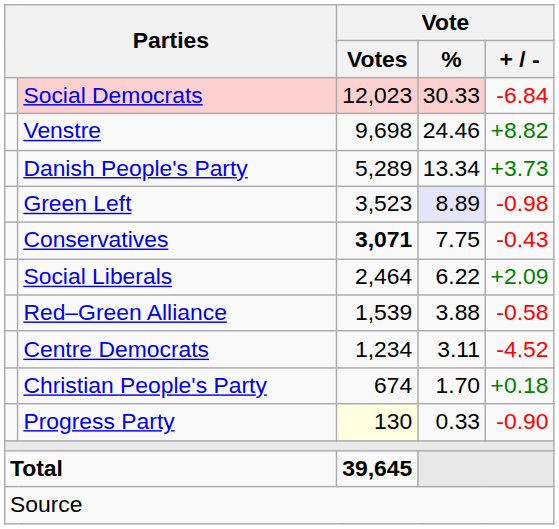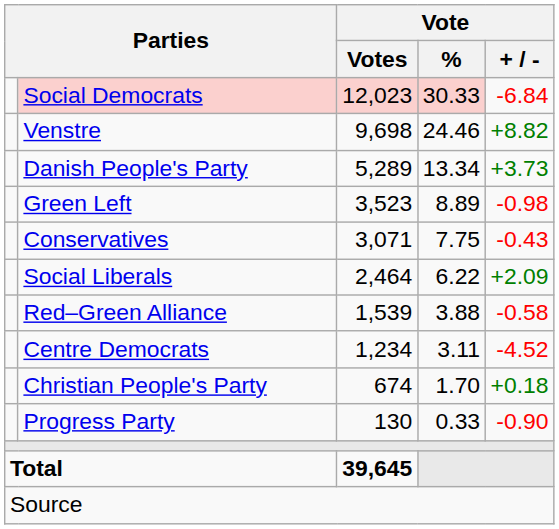 <table class="wikitable" style="text-align:right;">
 <tr>
 <th style="text-align:centre;" rowspan="2" colspan="2" width="225">Parties</th>
 <th colspan="3">Vote</th>
 </tr>
 <tr>
 <th width="15">Votes</th>
 <th width="15">%</th>
 <th width="15">+ / -</th>
 </tr>
 <tr>
 <td width="2" style="color:inherit;background:"></td>
 <td bgcolor=#fbd0ce  align="left"><a href='#'>Social Democrats</a></td>
 <td bgcolor=#fbd0ce>12,023</td>
 <td bgcolor=#fbd0ce>30.33</td>
 <td style=color:red;>-6.84</td>
 </tr>
 <tr>
 <td width="2" style="color:inherit;background:"></td>
 <td align="left"><a href='#'>Venstre</a></td>
 <td>9,698</td>
 <td>24.46</td>
 <td style=color:green;>+8.82</td>
 </tr>
 <tr>
 <td width="2" style="color:inherit;background:"></td>
 <td align="left"><a href='#'>Danish People's Party</a></td>
 <td>5,289</td>
 <td>13.34</td>
 <td style=color:green;>+3.73</td>
 </tr>
 <tr>
 <td width="2" style="color:inherit;background:"></td>
 <td align="left"><a href='#'>Green Left</a></td>
 <td>3,523</td>
-<td style="background: lavender;">8.89</td>
+<td>8.89</td>
 <td style=color:red;>-0.98</td>
 </tr>
 <tr>
 <td width="2" style="color:inherit;background:"></td>
 <td align="left"><a href='#'>Conservatives</a></td>
-<td><strong>3,071</strong></td>
+<td>3,071</td>
 <td>7.75</td>
 <td style=color:red;>-0.43</td>
 </tr>
 <tr>
 <td width="2" style="color:inherit;background:"></td>
 <td align="left"><a href='#'>Social Liberals</a></td>
 <td>2,464</td>
 <td>6.22</td>
 <td style=color:green;>+2.09</td>
 </tr>
 <tr>
 <td width="2" style="color:inherit;background:"></td>
 <td align="left"><a href='#'>Red–Green Alliance</a></td>
 <td>1,539</td>
 <td>3.88</td>
 <td style=color:red;>-0.58</td>
 </tr>
 <tr>
 <td width="2" style="color:inherit;background:"></td>
 <td align="left"><a href='#'>Centre Democrats</a></td>
 <td>1,234</td>
 <td>3.11</td>
 <td style=color:red;>-4.52</td>
 </tr>
 <tr>
 <td width="2" style="color:inherit;background:"></td>
 <td align="left"><a href='#'>Christian People's Party</a></td>
 <td>674</td>
 <td>1.70</td>
 <td style=color:green;>+0.18</td>
 </tr>
 <tr>
 <td width="2" style="color:inherit;background:"></td>
 <td align="left"><a href='#'>Progress Party</a></td>
-<td style="background: lightyellow;">130</td>
+<td>130</td>
 <td>0.33</td>
 <td style=color:red;>-0.90</td>
 </tr>
 <tr>
 <td colspan="7" bgcolor="#E9E9E9"></td>
 </tr>
 <tr>
 <td align="left" colspan="2"><strong>Total</strong></td>
 <td><strong>39,645</strong></td>
 <td bgcolor="#E9E9E9" colspan="2"></td>
 </tr>
 <tr>
 <td align="left" colspan="6">Source</td>
 </tr>
 </table>
